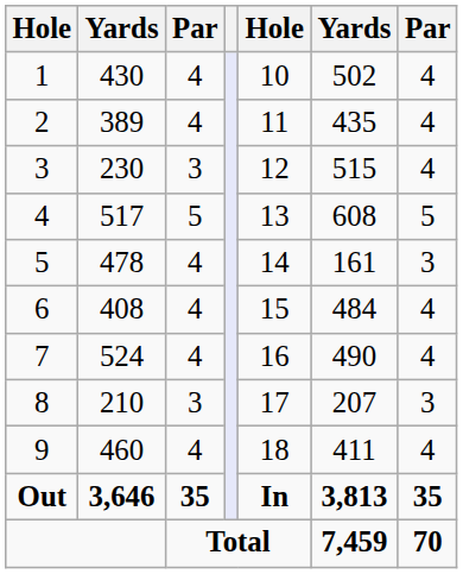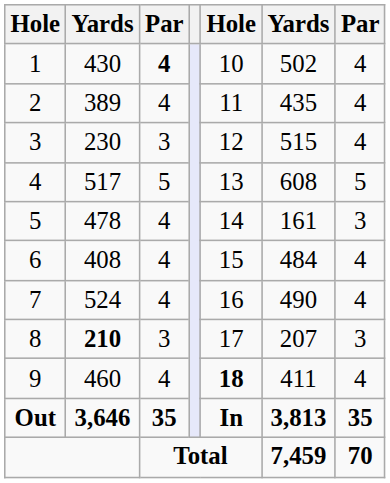 <table class="wikitable" style="text-align:center; font-size:100%;">
 <tr>
 <th>Hole</th>
 <th>Yards</th>
 <th>Par</th>
 <th></th>
 <th>Hole</th>
 <th>Yards</th>
 <th>Par</th>
 </tr>
 <tr>
 <td>1</td>
 <td>430</td>
-<td>4</td>
+<td><strong>4</strong></td>
 <td rowspan=10 style="background:#E6E8FA;"></td>
 <td>10</td>
 <td>502</td>
 <td>4</td>
 </tr>
 <tr>
 <td>2</td>
 <td>389</td>
 <td>4</td>
 <td>11</td>
 <td>435</td>
 <td>4</td>
 </tr>
 <tr>
 <td>3</td>
 <td>230</td>
 <td>3</td>
 <td>12</td>
 <td>515</td>
 <td>4</td>
 </tr>
 <tr>
 <td>4</td>
 <td>517</td>
 <td>5</td>
 <td>13</td>
 <td>608</td>
 <td>5</td>
 </tr>
 <tr>
 <td>5</td>
 <td>478</td>
 <td>4</td>
 <td>14</td>
 <td>161</td>
 <td>3</td>
 </tr>
 <tr>
 <td>6</td>
 <td>408</td>
 <td>4</td>
 <td>15</td>
 <td>484</td>
 <td>4</td>
 </tr>
 <tr>
 <td>7</td>
 <td>524</td>
 <td>4</td>
 <td>16</td>
 <td>490</td>
 <td>4</td>
 </tr>
 <tr>
 <td>8</td>
-<td>210</td>
+<td><strong>210</strong></td>
 <td>3</td>
 <td>17</td>
 <td>207</td>
 <td>3</td>
 </tr>
 <tr>
 <td>9</td>
 <td>460</td>
 <td>4</td>
-<td>18</td>
+<td><strong>18</strong></td>
 <td>411</td>
 <td>4</td>
 </tr>
 <tr>
 <td><strong>Out</strong></td>
 <td><strong>3,646</strong></td>
 <td><strong>35</strong></td>
 <td><strong>In</strong></td>
 <td><strong>3,813</strong></td>
 <td><strong>35</strong></td>
 </tr>
 <tr>
 <td colspan=2 align=left></td>
 <td colspan=3><strong>Total</strong></td>
 <td><strong>7,459</strong></td>
 <td><strong>70</strong></td>
 </tr>
 </table>
